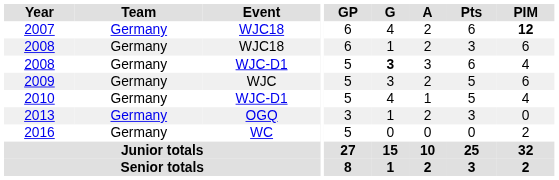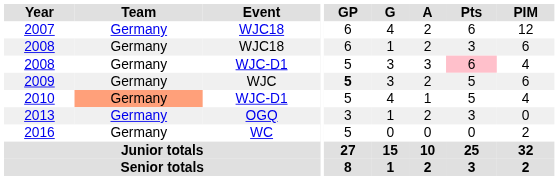 <table border="0" cellpadding="1" cellspacing="0" ID="Table3" style="text-align:center; width:40em">
 <tr ALIGN="center" bgcolor="#e0e0e0">
 <th>Year</th>
 <th>Team</th>
 <th>Event</th>
 <th rowspan="99" bgcolor="#ffffff"></th>
 <th>GP</th>
 <th>G</th>
 <th>A</th>
 <th>Pts</th>
 <th>PIM</th>
 </tr>
 <tr ALIGN="center">
 <td><a href='#'>2007</a></td>
 <td><a href='#'>Germany</a></td>
 <td><a href='#'>WJC18</a></td>
 <td>6</td>
 <td>4</td>
 <td>2</td>
 <td>6</td>
-<td><strong>12</strong></td>
+<td>12</td>
 </tr>
 <tr ALIGN="center" bgcolor="#f0f0f0">
 <td><a href='#'>2008</a></td>
 <td>Germany</td>
 <td>WJC18</td>
 <td>6</td>
 <td>1</td>
 <td>2</td>
 <td>3</td>
 <td>6</td>
 </tr>
 <tr ALIGN="center">
 <td><a href='#'>2008</a></td>
 <td>Germany</td>
 <td><a href='#'>WJC-D1</a></td>
 <td>5</td>
-<td><strong>3</strong></td>
 <td>3</td>
-<td>6</td>
+<td>3</td>
+<td style="background: pink;">6</td>
 <td>4</td>
 </tr>
 <tr ALIGN="center" bgcolor="#f0f0f0">
 <td><a href='#'>2009</a></td>
 <td>Germany</td>
 <td>WJC</td>
-<td>5</td>
+<td><strong>5</strong></td>
 <td>3</td>
 <td>2</td>
 <td>5</td>
 <td>6</td>
 </tr>
 <tr ALIGN="center">
 <td><a href='#'>2010</a></td>
-<td>Germany</td>
+<td style="background: lightsalmon;">Germany</td>
 <td><a href='#'>WJC-D1</a></td>
 <td>5</td>
 <td>4</td>
 <td>1</td>
 <td>5</td>
 <td>4</td>
 </tr>
 <tr ALIGN="center" bgcolor="#f0f0f0">
 <td><a href='#'>2013</a></td>
 <td><a href='#'>Germany</a></td>
 <td><a href='#'>OGQ</a></td>
 <td>3</td>
 <td>1</td>
 <td>2</td>
 <td>3</td>
 <td>0</td>
 </tr>
 <tr ALIGN="center">
 <td><a href='#'>2016</a></td>
 <td>Germany</td>
 <td><a href='#'>WC</a></td>
 <td>5</td>
 <td>0</td>
 <td>0</td>
 <td>0</td>
 <td>2</td>
 </tr>
 <tr bgcolor="#e0e0e0">
 <th colspan="3">Junior totals</th>
 <th>27</th>
 <th>15</th>
 <th>10</th>
 <th>25</th>
 <th>32</th>
 </tr>
 <tr bgcolor="#e0e0e0">
 <th colspan="3">Senior totals</th>
 <th>8</th>
 <th>1</th>
 <th>2</th>
 <th>3</th>
 <th>2</th>
 </tr>
 </table>
